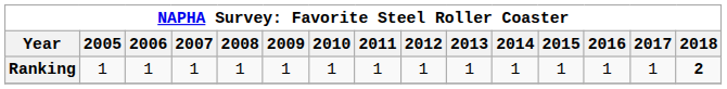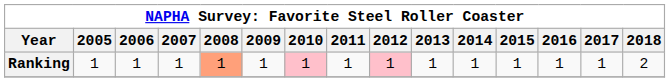 <table class="wikitable">
 <tr>
 <th style="text-align:center; background:white;" colspan="31"><a href='#'>NAPHA</a> Survey: Favorite Steel Roller Coaster</th>
 </tr>
 <tr style="background:#white;">
 <th style="text-align:center;">Year</th>
 <th>2005</th>
 <th>2006</th>
 <th>2007</th>
 <th>2008</th>
 <th>2009</th>
 <th>2010</th>
 <th>2011</th>
 <th>2012</th>
 <th>2013</th>
 <th>2014</th>
 <th>2015</th>
 <th>2016</th>
 <th>2017</th>
 <th>2018</th>
 </tr>
 <tr>
 <th style="text-align:center; background:#white;">Ranking</th>
 <td style="text-align:center">1</td>
 <td style="text-align:center">1</td>
 <td style="text-align:center">1</td>
+<td style="background: lightsalmon; text-align:center">1</td>
+<td style="text-align:center">1</td>
+<td style="background: pink; text-align:center">1</td>
+<td style="text-align:center">1</td>
+<td style="background: pink; text-align:center">1</td>
 <td style="text-align:center">1</td>
 <td style="text-align:center">1</td>
 <td style="text-align:center">1</td>
 <td style="text-align:center">1</td>
 <td style="text-align:center">1</td>
-<td style="text-align:center">1</td>
-<td style="text-align:center">1</td>
-<td style="text-align:center">1</td>
-<td style="text-align:center">1</td>
-<td style="text-align:center">1</td>
-<td style="text-align:center"><strong>2</strong></td>
+<td style="text-align:center">2</td>
 </tr>
 <tr>
 </tr>
 </table>
